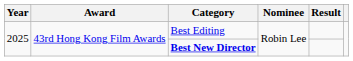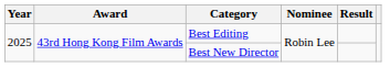 <table class="wikitable plainrowheaders">
 <tr>
 <th>Year</th>
 <th>Award</th>
 <th>Category</th>
 <th>Nominee</th>
 <th>Result</th>
 <th></th>
 </tr>
 <tr>
 <td rowspan="2">2025</td>
 <td rowspan="2"><a href='#'>43rd Hong Kong Film Awards</a></td>
 <td><a href='#'>Best Editing</a></td>
 <td rowspan="2">Robin Lee</td>
 <td></td>
 <td rowspan="2"></td>
 </tr>
 <tr>
-<td><strong><a href='#'>Best New Director</a></strong></td>
+<td><a href='#'>Best New Director</a></td>
 <td></td>
 </tr>
 </table>
